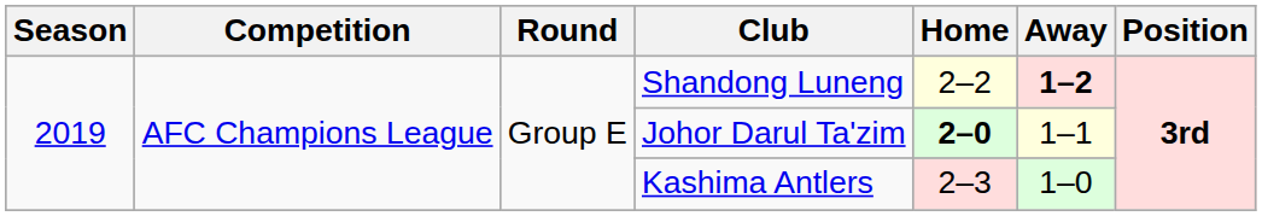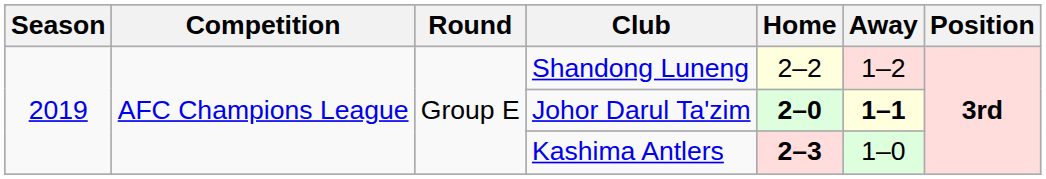 <table class="wikitable" style="text-align:left">
 <tr>
 <th>Season</th>
 <th>Competition</th>
 <th>Round</th>
 <th>Club</th>
 <th>Home</th>
 <th>Away</th>
 <th>Position</th>
 </tr>
 <tr>
 <td rowspan="3" style="text-align:center;"><a href='#'>2019</a></td>
 <td rowspan="3"><a href='#'>AFC Champions League</a></td>
 <td rowspan="3">Group E</td>
 <td> <a href='#'>Shandong Luneng</a></td>
 <td style="text-align:center; background:#FFFFDD;">2–2</td>
-<td style="text-align:center; background:#FFDDDD;"><strong>1–2</strong></td>
+<td style="text-align:center; background:#FFDDDD;">1–2</td>
 <td rowspan="3" style="text-align:center; background:#FFDDDD;"><strong>3rd</strong></td>
 </tr>
 <tr>
 <td> <a href='#'>Johor Darul Ta'zim</a></td>
 <td style="text-align:center; background:#DDFFDD;"><strong>2–0</strong></td>
-<td style="text-align:center; background:#FFFFDD;">1–1</td>
+<td style="text-align:center; background:#FFFFDD;"><strong>1–1</strong></td>
 </tr>
 <tr>
 <td> <a href='#'>Kashima Antlers</a></td>
-<td style="text-align:center; background:#FFDDDD;">2–3</td>
+<td style="text-align:center; background:#FFDDDD;"><strong>2–3</strong></td>
 <td style="text-align:center; background:#DDFFDD;">1–0</td>
 </tr>
 </table>
